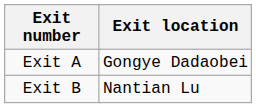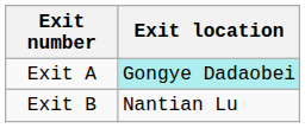 <table class="wikitable">
 <tr>
 <th style="width:70px" colspan="2">Exit number</th>
 <th>Exit location</th>
 </tr>
 <tr>
 <td align="center" colspan="2">Exit A</td>
-<td>Gongye Dadaobei</td>
+<td style="background: paleturquoise;">Gongye Dadaobei</td>
 </tr>
 <tr>
 <td align="center" colspan="2">Exit B</td>
 <td>Nantian Lu</td>
 </tr>
 </table>
